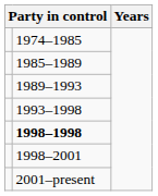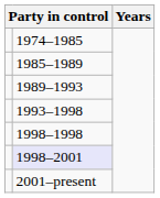 <table class="wikitable">
 <tr>
 <th colspan="2">Party in control</th>
 <th>Years</th>
 </tr>
 <tr>
 <td></td>
 <td>1974–1985</td>
 </tr>
 <tr>
 <td></td>
 <td>1985–1989</td>
 </tr>
 <tr>
 <td></td>
 <td>1989–1993</td>
 </tr>
 <tr>
 <td></td>
 <td>1993–1998</td>
 </tr>
 <tr>
 <td></td>
-<td><strong>1998–1998</strong></td>
+<td>1998–1998</td>
 </tr>
 <tr>
 <td></td>
-<td>1998–2001</td>
+<td style="background: lavender;">1998–2001</td>
 </tr>
 <tr>
 <td></td>
 <td>2001–present</td>
 </tr>
 </table>
